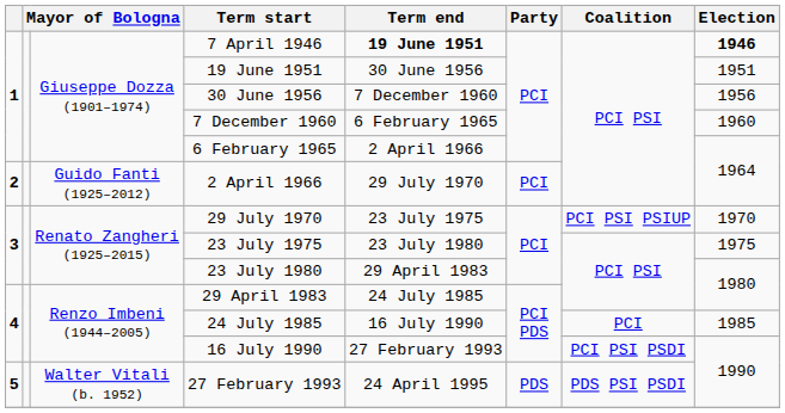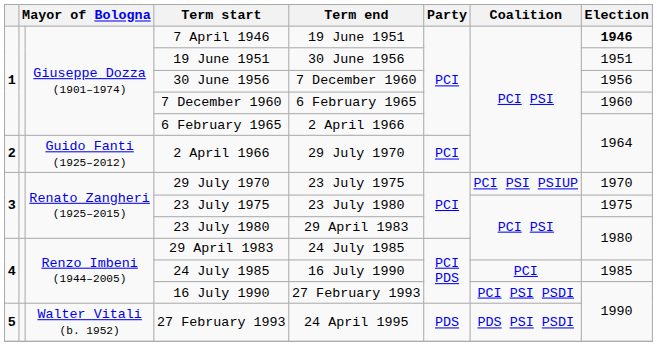 <table class="wikitable" style="text-align: center;">
 <tr>
 <th></th>
 <th colspan="2">Mayor of <a href='#'>Bologna</a></th>
 <th>Term start</th>
 <th>Term end</th>
 <th>Party</th>
 <th>Coalition</th>
 <th>Election</th>
 </tr>
 <tr>
 <td rowspan="5" style="background: "><strong>1</strong></td>
 <td rowspan="5"></td>
 <td rowspan="5"><a href='#'>Giuseppe Dozza</a> <br><small>(1901–1974)</small></td>
 <td>7 April 1946</td>
-<td><strong>19 June 1951</strong></td>
+<td>19 June 1951</td>
 <td rowspan="5"><a href='#'>PCI</a></td>
 <td rowspan="6"><a href='#'>PCI</a>  <a href='#'>PSI</a></td>
 <td><strong>1946</strong></td>
 </tr>
 <tr>
 <td>19 June 1951</td>
 <td>30 June 1956</td>
 <td>1951</td>
 </tr>
 <tr>
 <td>30 June 1956</td>
 <td>7 December 1960</td>
 <td>1956</td>
 </tr>
 <tr>
 <td>7 December 1960</td>
 <td>6 February 1965</td>
 <td>1960</td>
 </tr>
 <tr>
 <td>6 February 1965</td>
 <td>2 April 1966</td>
 <td rowspan=2>1964</td>
 </tr>
 <tr>
 <td rowspan="1" style="background: "><strong>2</strong></td>
 <td rowspan="1"></td>
 <td rowspan="1"><a href='#'>Guido Fanti</a> <br><small>(1925–2012)</small></td>
 <td rowspan="1">2 April 1966</td>
 <td rowspan="1">29 July 1970</td>
 <td rowspan="1"><a href='#'>PCI</a></td>
 </tr>
 <tr>
 <td rowspan="3" style="background: "><strong>3</strong></td>
 <td rowspan="3"></td>
 <td rowspan="3"><a href='#'>Renato Zangheri</a> <br><small>(1925–2015)</small></td>
 <td>29 July 1970</td>
 <td>23 July 1975</td>
 <td rowspan="3"><a href='#'>PCI</a></td>
 <td><a href='#'>PCI</a>  <a href='#'>PSI</a>  <a href='#'>PSIUP</a></td>
 <td>1970</td>
 </tr>
 <tr>
 <td>23 July 1975</td>
 <td>23 July 1980</td>
 <td rowspan=3><a href='#'>PCI</a>  <a href='#'>PSI</a></td>
 <td>1975</td>
 </tr>
 <tr>
 <td>23 July 1980</td>
 <td>29 April 1983</td>
 <td rowspan=2>1980</td>
 </tr>
 <tr>
 <td rowspan="3" style="background: "><strong>4</strong></td>
 <td rowspan="3"></td>
 <td rowspan="3"><a href='#'>Renzo Imbeni</a> <br><small>(1944–2005)</small></td>
 <td>29 April 1983</td>
 <td>24 July 1985</td>
 <td rowspan="3"><a href='#'>PCI</a><br><a href='#'>PDS</a></td>
 </tr>
 <tr>
 <td>24 July 1985</td>
 <td>16 July 1990</td>
 <td><a href='#'>PCI</a></td>
 <td>1985</td>
 </tr>
 <tr>
 <td>16 July 1990</td>
 <td>27 February 1993</td>
 <td><a href='#'>PCI</a>  <a href='#'>PSI</a>  <a href='#'>PSDI</a></td>
 <td rowspan=2>1990</td>
 </tr>
 <tr>
 <td rowspan="1" style="background: "><strong>5</strong></td>
 <td rowspan="1"></td>
 <td rowspan="1"><a href='#'>Walter Vitali</a> <br><small>(b. 1952)</small></td>
 <td rowspan="1">27 February 1993</td>
 <td rowspan="1">24 April 1995</td>
 <td rowspan="1"><a href='#'>PDS</a></td>
 <td><a href='#'>PDS</a>  <a href='#'>PSI</a>  <a href='#'>PSDI</a></td>
 </tr>
 <tr>
 </tr>
 </table>
